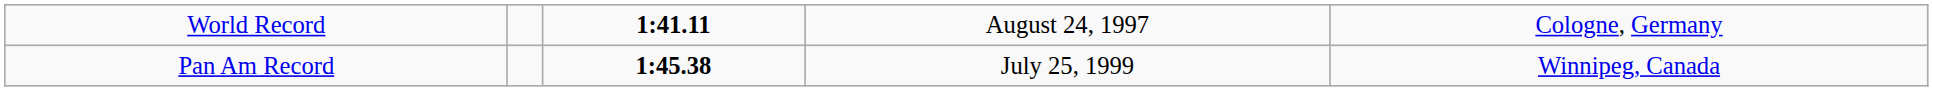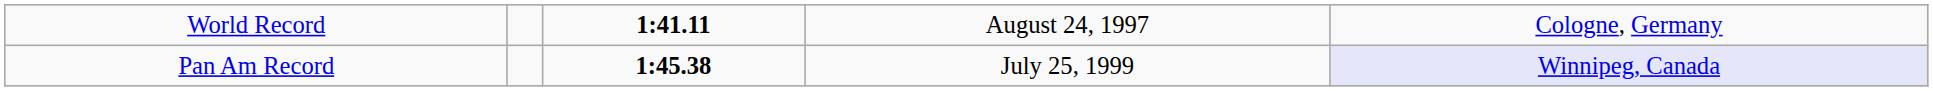 <table class="wikitable" style=" text-align:center; font-size:95%;" width="75%">
 <tr>
 <td><a href='#'>World Record</a></td>
 <td></td>
 <td><strong>1:41.11</strong></td>
 <td>August 24, 1997</td>
 <td> <a href='#'>Cologne</a>, <a href='#'>Germany</a></td>
 </tr>
 <tr>
 <td><a href='#'>Pan Am Record</a></td>
 <td></td>
 <td><strong>1:45.38</strong></td>
 <td>July 25, 1999</td>
-<td> <a href='#'>Winnipeg, Canada</a></td>
+<td style="background: lavender;"> <a href='#'>Winnipeg, Canada</a></td>
 </tr>
 </table>
